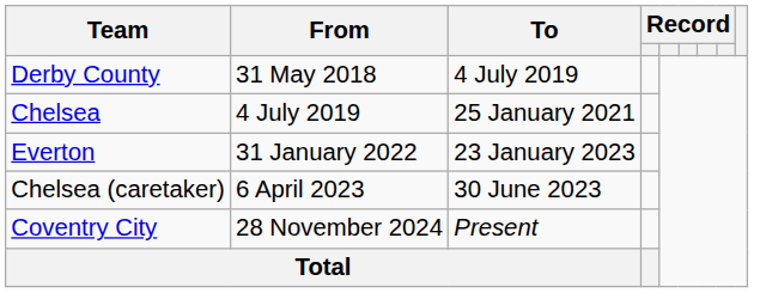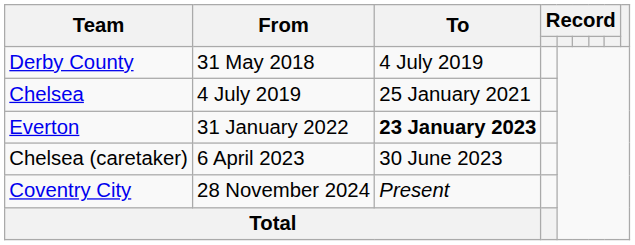 <table class="wikitable" style="text-align: center;">
 <tr>
 <th rowspan="2">Team</th>
 <th rowspan="2">From</th>
 <th rowspan="2">To</th>
 <th colspan="5">Record</th>
 <th rowspan="2"></th>
 </tr>
 <tr>
 <th></th>
 <th></th>
 <th></th>
 <th></th>
 <th></th>
 </tr>
 <tr>
 <td align="left"><a href='#'>Derby County</a></td>
 <td align="left">31 May 2018</td>
 <td align="left">4 July 2019<br></td>
 <td></td>
 </tr>
 <tr>
 <td align="left"><a href='#'>Chelsea</a></td>
 <td align="left">4 July 2019</td>
 <td align="left">25 January 2021<br></td>
 <td></td>
 </tr>
 <tr>
 <td align="left"><a href='#'>Everton</a></td>
 <td align="left">31 January 2022</td>
-<td align="left">23 January 2023<br></td>
+<td align="left"><strong>23 January 2023<br></strong></td>
 <td></td>
 </tr>
 <tr>
 <td align="left">Chelsea (caretaker)</td>
 <td align="left">6 April 2023</td>
 <td align="left">30 June 2023<br></td>
 <td></td>
 </tr>
 <tr>
 <td align="left"><a href='#'>Coventry City</a></td>
 <td align="left">28 November 2024</td>
 <td align="left"><em>Present</em><br></td>
 <td></td>
 </tr>
 <tr>
 <th colspan="3">Total<br></th>
 <th></th>
 </tr>
 </table>
